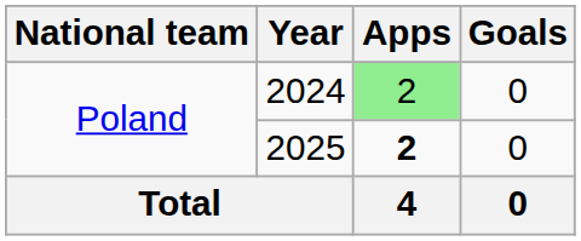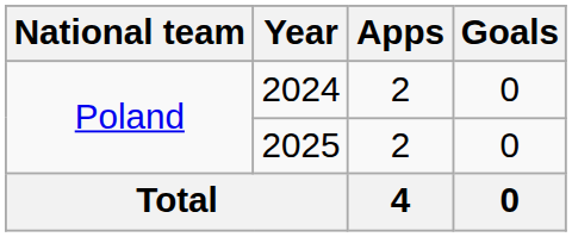 <table class="wikitable" style="text-align:center">
 <tr>
 <th>National team</th>
 <th>Year</th>
 <th>Apps</th>
 <th>Goals</th>
 </tr>
 <tr>
 <td rowspan="2"><a href='#'>Poland</a></td>
 <td>2024</td>
-<td style="background: lightgreen;">2</td>
+<td>2</td>
 <td>0</td>
 </tr>
 <tr>
 <td>2025</td>
-<td><strong>2</strong></td>
+<td>2</td>
 <td>0</td>
 </tr>
 <tr>
 <th colspan="2">Total</th>
 <th>4</th>
 <th>0</th>
 </tr>
 </table>
